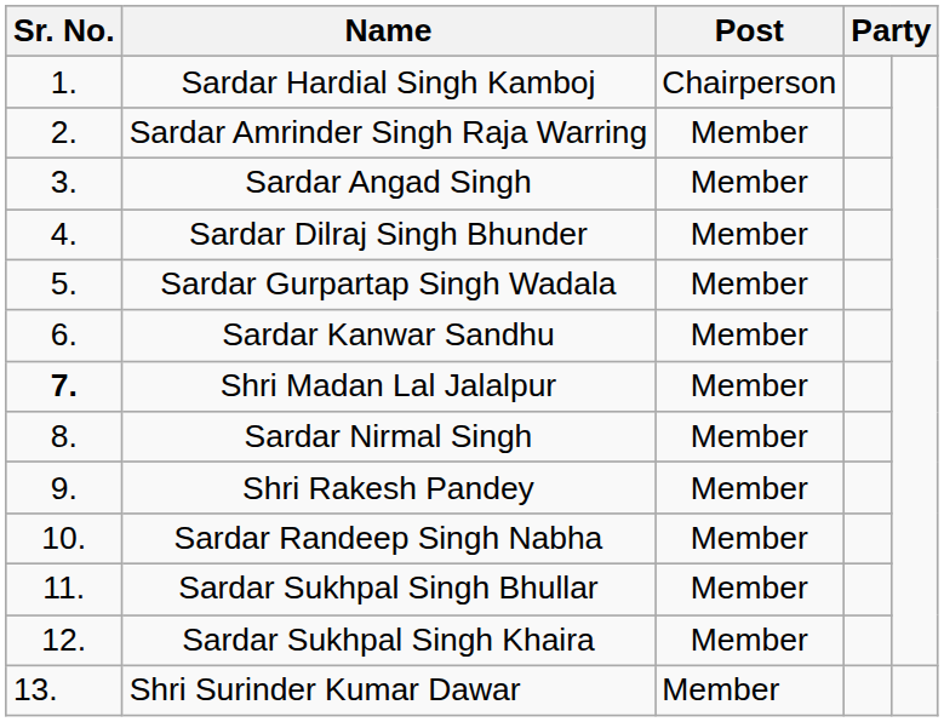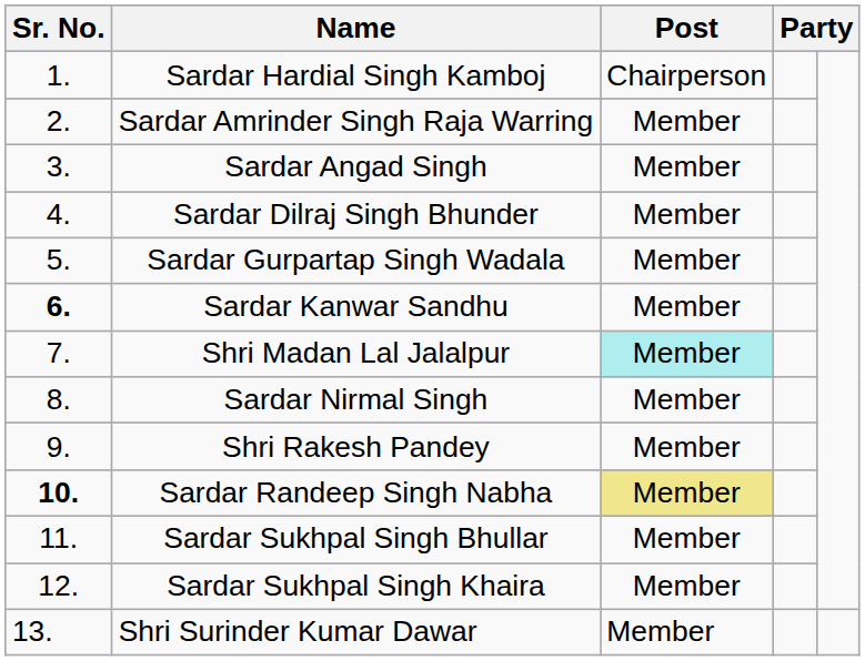 <table class="wikitable sortable">
 <tr>
 <th>Sr. No.</th>
 <th>Name</th>
 <th>Post</th>
 <th colspan="2">Party</th>
 </tr>
 <tr align="center">
 <td>1.</td>
 <td>Sardar Hardial Singh Kamboj</td>
 <td>Chairperson</td>
 <td></td>
 </tr>
 <tr align="center">
 <td>2.</td>
 <td>Sardar Amrinder Singh Raja Warring</td>
 <td>Member</td>
 <td></td>
 </tr>
 <tr align="center">
 <td>3.</td>
 <td>Sardar Angad Singh</td>
 <td>Member</td>
 <td></td>
 </tr>
 <tr align="center">
 <td>4.</td>
 <td>Sardar Dilraj Singh Bhunder</td>
 <td>Member</td>
 <td></td>
 </tr>
 <tr align="center">
 <td>5.</td>
 <td>Sardar Gurpartap Singh Wadala</td>
 <td>Member</td>
 <td></td>
 </tr>
 <tr align="center">
-<td>6.</td>
+<td><strong>6.</strong></td>
 <td>Sardar Kanwar Sandhu</td>
 <td>Member</td>
 <td></td>
 </tr>
 <tr align="center">
-<td><strong>7.</strong></td>
+<td>7.</td>
 <td>Shri Madan Lal Jalalpur</td>
-<td>Member</td>
+<td style="background: paleturquoise;">Member</td>
 <td></td>
 </tr>
 <tr align="center">
 <td>8.</td>
 <td>Sardar Nirmal Singh</td>
 <td>Member</td>
 <td></td>
 </tr>
 <tr align="center">
 <td>9.</td>
 <td>Shri Rakesh Pandey</td>
 <td>Member</td>
 <td></td>
 </tr>
 <tr align="center">
-<td>10.</td>
+<td><strong>10.</strong></td>
 <td>Sardar Randeep Singh Nabha</td>
-<td>Member</td>
+<td style="background: khaki;">Member</td>
 <td></td>
 </tr>
 <tr align="center">
 <td>11.</td>
 <td>Sardar Sukhpal Singh Bhullar</td>
 <td>Member</td>
 <td></td>
 </tr>
 <tr align="center">
 <td>12.</td>
 <td>Sardar Sukhpal Singh Khaira</td>
 <td>Member</td>
 <td></td>
 </tr>
 <tr>
 <td>13.</td>
 <td>Shri Surinder Kumar Dawar</td>
 <td>Member</td>
 <td></td>
 <td></td>
 </tr>
 </table>
